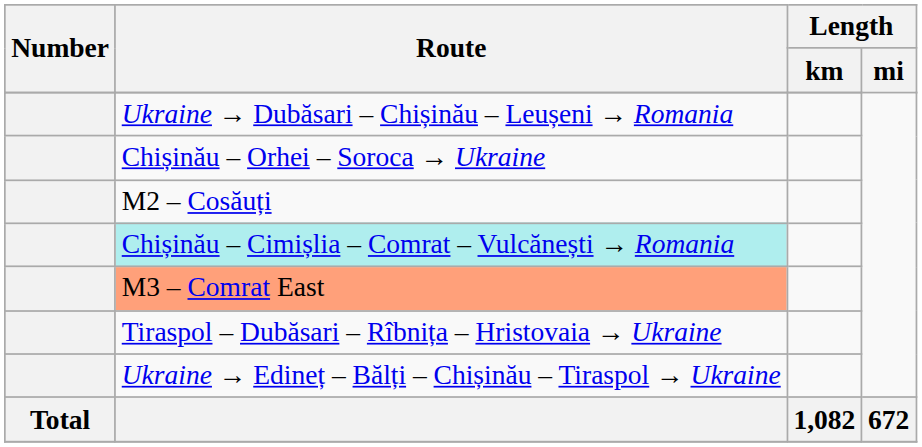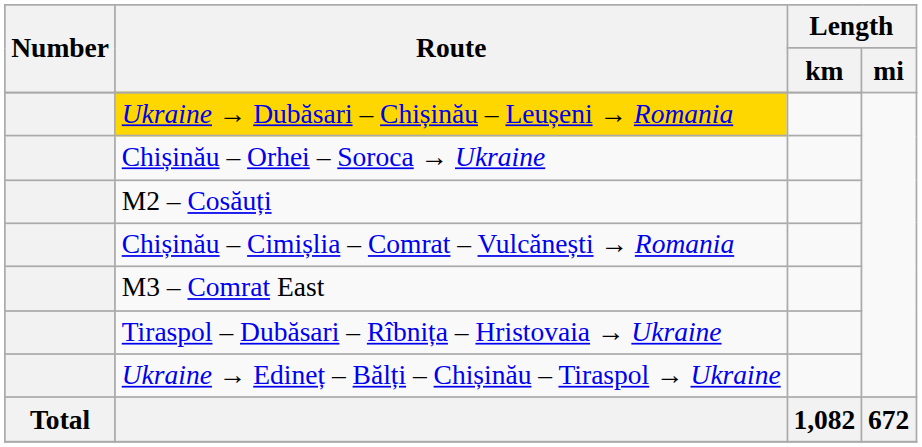 <table class="wikitable">
 <tr>
 <th rowspan=2>Number</th>
 <th rowspan=2>Route</th>
 <th colspan=2>Length</th>
 </tr>
 <tr>
 <th>km</th>
 <th>mi</th>
 </tr>
 <tr>
 </tr>
 <tr>
 <th></th>
-<td><em><a href='#'>Ukraine</a></em>  → <a href='#'>Dubăsari</a> – <a href='#'>Chișinău</a> – <a href='#'>Leușeni</a> → <em><a href='#'>Romania</a></em> </td>
+<td style="background: gold;"><em><a href='#'>Ukraine</a></em>  → <a href='#'>Dubăsari</a> – <a href='#'>Chișinău</a> – <a href='#'>Leușeni</a> → <em><a href='#'>Romania</a></em> </td>
 <td></td>
 </tr>
 <tr>
 <th></th>
 <td><a href='#'>Chișinău</a> – <a href='#'>Orhei</a> – <a href='#'>Soroca</a> → <em><a href='#'>Ukraine</a></em> </td>
 <td></td>
 </tr>
 <tr>
 <th></th>
 <td> M2 – <a href='#'>Cosăuți</a></td>
 <td></td>
 </tr>
 <tr>
 <th></th>
-<td style="background: paleturquoise;"><a href='#'>Chișinău</a> – <a href='#'>Cimișlia</a> – <a href='#'>Comrat</a> – <a href='#'>Vulcănești</a> → <em><a href='#'>Romania</a></em> </td>
+<td><a href='#'>Chișinău</a> – <a href='#'>Cimișlia</a> – <a href='#'>Comrat</a> – <a href='#'>Vulcănești</a> → <em><a href='#'>Romania</a></em> </td>
 <td></td>
 </tr>
 <tr>
 <th></th>
-<td style="background: lightsalmon;"> M3 – <a href='#'>Comrat</a> East</td>
+<td> M3 – <a href='#'>Comrat</a> East</td>
 <td></td>
 </tr>
 <tr>
 <th></th>
 <td><a href='#'>Tiraspol</a> – <a href='#'>Dubăsari</a> – <a href='#'>Rîbnița</a> – <a href='#'>Hristovaia</a> → <em><a href='#'>Ukraine</a></em> </td>
 <td></td>
 </tr>
 <tr>
 <th></th>
 <td><em><a href='#'>Ukraine</a></em>  → <a href='#'>Edineț</a> – <a href='#'>Bălți</a> – <a href='#'>Chișinău</a> – <a href='#'>Tiraspol</a> → <em><a href='#'>Ukraine</a></em> </td>
 <td></td>
 </tr>
 <tr>
 <th>Total</th>
 <th></th>
 <th>1,082</th>
 <th>672</th>
 </tr>
 <tr>
 </tr>
 </table>
